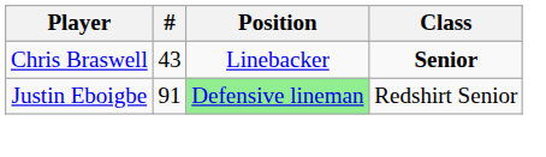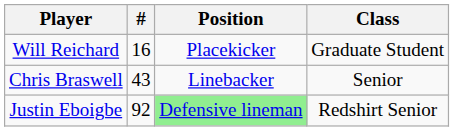 <table class="wikitable sortable" style="text-align:center">
 <tr>
 <th>Player</th>
 <th>#</th>
 <th>Position</th>
 <th>Class</th>
 </tr>
 <tr>
+<td><a href='#'>Will Reichard</a></td>
+<td>16</td>
+<td><a href='#'>Placekicker</a></td>
+<td>Graduate Student</td>
+</tr>
+<tr>
 <td><a href='#'>Chris Braswell</a></td>
 <td>43</td>
 <td><a href='#'>Linebacker</a></td>
-<td><strong>Senior</strong></td>
+<td>Senior</td>
 </tr>
 <tr>
 <td><a href='#'>Justin Eboigbe</a></td>
-<td>91</td>
+<td>92</td>
 <td style="background: lightgreen;"><a href='#'>Defensive lineman</a></td>
 <td>Redshirt Senior</td>
 </tr>
 </table>
